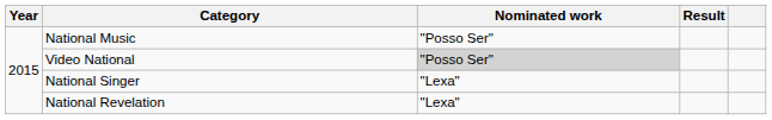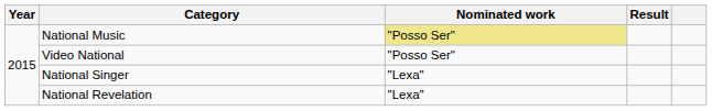 <table class="wikitable plainrowheaders" style="width:70%;">
 <tr>
 <th scope="col" style="width:4%;">Year</th>
 <th scope="col" style="width:50%;">Category</th>
 <th scope="col" style="width:35%;">Nominated work</th>
 <th scope="col" style="width:6%;">Result</th>
 <th scope="col" style="width:6%;"></th>
 </tr>
 <tr>
 <td rowspan="4" align="center">2015</td>
 <td>National Music</td>
-<td>"Posso Ser"</td>
+<td style="background: khaki;">"Posso Ser"</td>
 <td></td>
 <td style="text-align:center;"></td>
 </tr>
 <tr>
 <td>Video National</td>
-<td style="background: lightgrey;">"Posso Ser"</td>
+<td>"Posso Ser"</td>
 <td></td>
 <td style="text-align:center;"></td>
 </tr>
 <tr>
 <td>National Singer</td>
 <td>"Lexa"</td>
 <td></td>
 <td style="text-align:center;"></td>
 </tr>
 <tr>
 <td>National Revelation</td>
 <td>"Lexa"</td>
 <td></td>
 <td style="text-align:center;"></td>
 </tr>
 </table>
